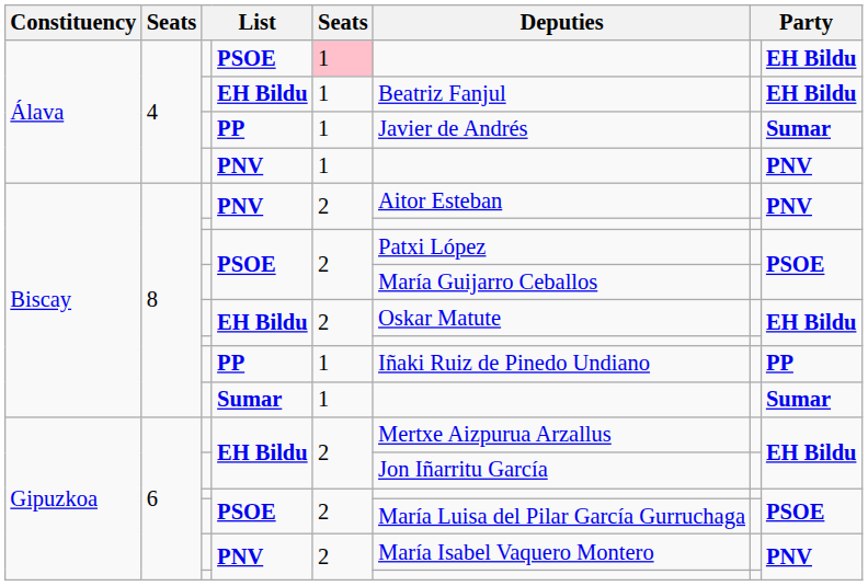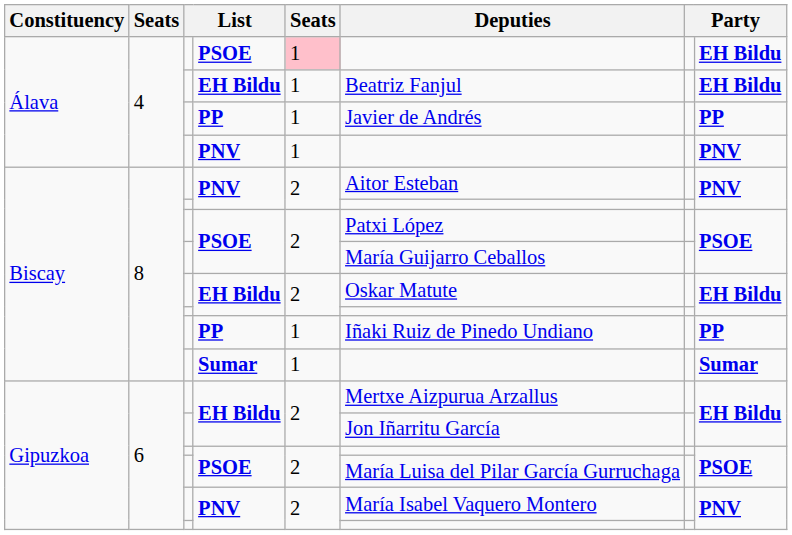 <table class="wikitable sortable">
 <tr>
 <th>Constituency</th>
 <th>Seats</th>
 <th colspan="2">List</th>
 <th>Seats</th>
 <th>Deputies</th>
 <th colspan="2">Party</th>
 </tr>
 <tr>
 <td rowspan="4"><a href='#'>Álava</a></td>
 <td rowspan="4">4</td>
 <td></td>
 <td><strong><a href='#'>PSOE</a></strong></td>
 <td style="background: pink;">1</td>
 <td></td>
 <td></td>
 <td><strong><a href='#'>EH Bildu</a></strong></td>
 </tr>
 <tr>
 <td></td>
 <td><strong><a href='#'>EH Bildu</a></strong></td>
 <td>1</td>
 <td><a href='#'>Beatriz Fanjul</a></td>
 <td></td>
 <td><strong><a href='#'>EH Bildu</a></strong></td>
 </tr>
 <tr>
 <td></td>
 <td><strong><a href='#'>PP</a></strong></td>
 <td>1</td>
 <td><a href='#'>Javier de Andrés</a></td>
 <td></td>
-<td><strong><a href='#'>Sumar</a></strong></td>
+<td><strong><a href='#'>PP</a></strong></td>
 </tr>
 <tr>
 <td></td>
 <td><strong><a href='#'>PNV</a></strong></td>
 <td>1</td>
 <td></td>
 <td></td>
 <td><strong><a href='#'>PNV</a></strong></td>
 </tr>
 <tr>
 <td rowspan="8"><a href='#'>Biscay</a></td>
 <td rowspan="8">8</td>
 <td></td>
 <td rowspan="2"><strong><a href='#'>PNV</a></strong></td>
 <td rowspan="2">2</td>
 <td><a href='#'>Aitor Esteban</a></td>
 <td></td>
 <td rowspan="2"><strong><a href='#'>PNV</a></strong></td>
 </tr>
 <tr>
 <td></td>
 <td></td>
 <td></td>
 </tr>
 <tr>
 <td></td>
 <td rowspan="2"><strong><a href='#'>PSOE</a></strong></td>
 <td rowspan="2">2</td>
 <td><a href='#'>Patxi López</a></td>
 <td></td>
 <td rowspan="2"><strong><a href='#'>PSOE</a></strong></td>
 </tr>
 <tr>
 <td></td>
 <td><a href='#'>María Guijarro Ceballos</a></td>
 <td></td>
 </tr>
 <tr>
 <td></td>
 <td rowspan="2"><strong><a href='#'>EH Bildu</a></strong></td>
 <td rowspan="2">2</td>
 <td><a href='#'>Oskar Matute</a></td>
 <td></td>
 <td rowspan="2"><strong><a href='#'>EH Bildu</a></strong></td>
 </tr>
 <tr>
 <td></td>
 <td></td>
 <td></td>
 </tr>
 <tr>
 <td></td>
 <td><strong><a href='#'>PP</a></strong></td>
 <td>1</td>
 <td><a href='#'>Iñaki Ruiz de Pinedo Undiano</a></td>
 <td></td>
 <td><strong><a href='#'>PP</a></strong></td>
 </tr>
 <tr>
 <td></td>
 <td><strong><a href='#'>Sumar</a></strong></td>
 <td>1</td>
 <td></td>
 <td></td>
 <td><strong><a href='#'>Sumar</a></strong></td>
 </tr>
 <tr>
 <td rowspan="6"><a href='#'>Gipuzkoa</a></td>
 <td rowspan="6">6</td>
 <td></td>
 <td rowspan="2"><strong><a href='#'>EH Bildu</a></strong></td>
 <td rowspan="2">2</td>
 <td><a href='#'>Mertxe Aizpurua Arzallus</a></td>
 <td></td>
 <td rowspan="2"><strong><a href='#'>EH Bildu</a></strong></td>
 </tr>
 <tr>
 <td></td>
 <td><a href='#'>Jon Iñarritu García</a></td>
 <td></td>
 </tr>
 <tr>
 <td></td>
 <td rowspan="2"><strong><a href='#'>PSOE</a></strong></td>
 <td rowspan="2">2</td>
 <td></td>
 <td></td>
 <td rowspan="2"><strong><a href='#'>PSOE</a></strong></td>
 </tr>
 <tr>
 <td></td>
 <td><a href='#'>María Luisa del Pilar García Gurruchaga</a></td>
 <td></td>
 </tr>
 <tr>
 <td></td>
 <td rowspan="2"><strong><a href='#'>PNV</a></strong></td>
 <td rowspan="2">2</td>
 <td><a href='#'>María Isabel Vaquero Montero</a></td>
 <td></td>
 <td rowspan="2"><strong><a href='#'>PNV</a></strong></td>
 </tr>
 <tr>
 <td></td>
 <td></td>
 <td></td>
 </tr>
 </table>
